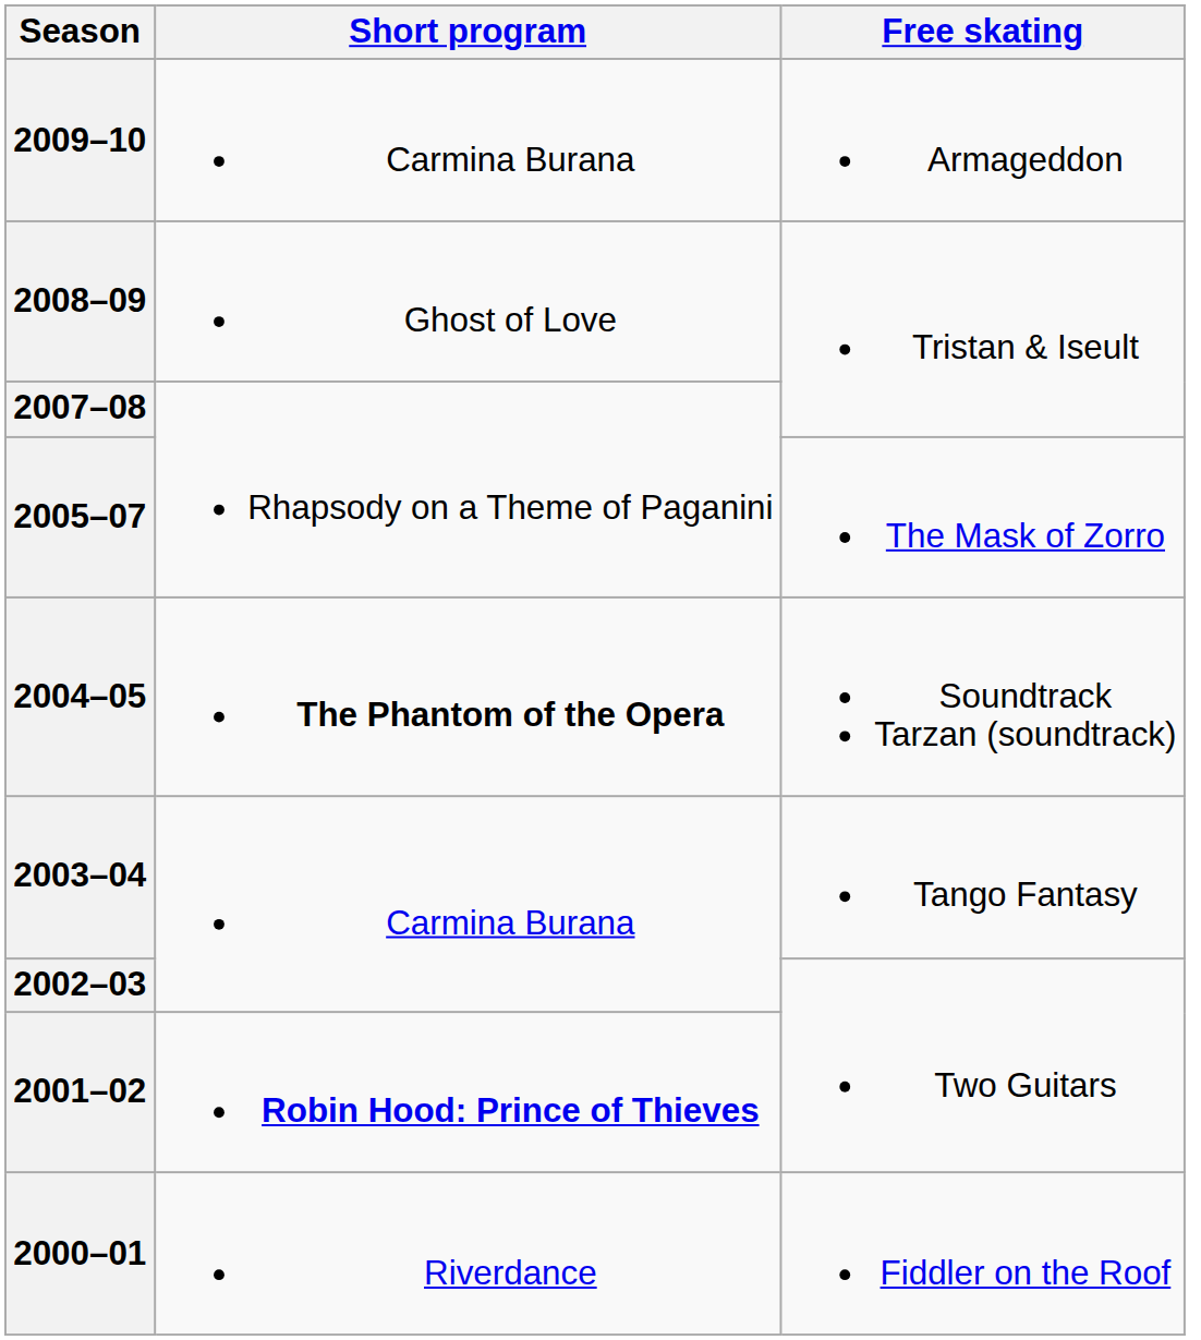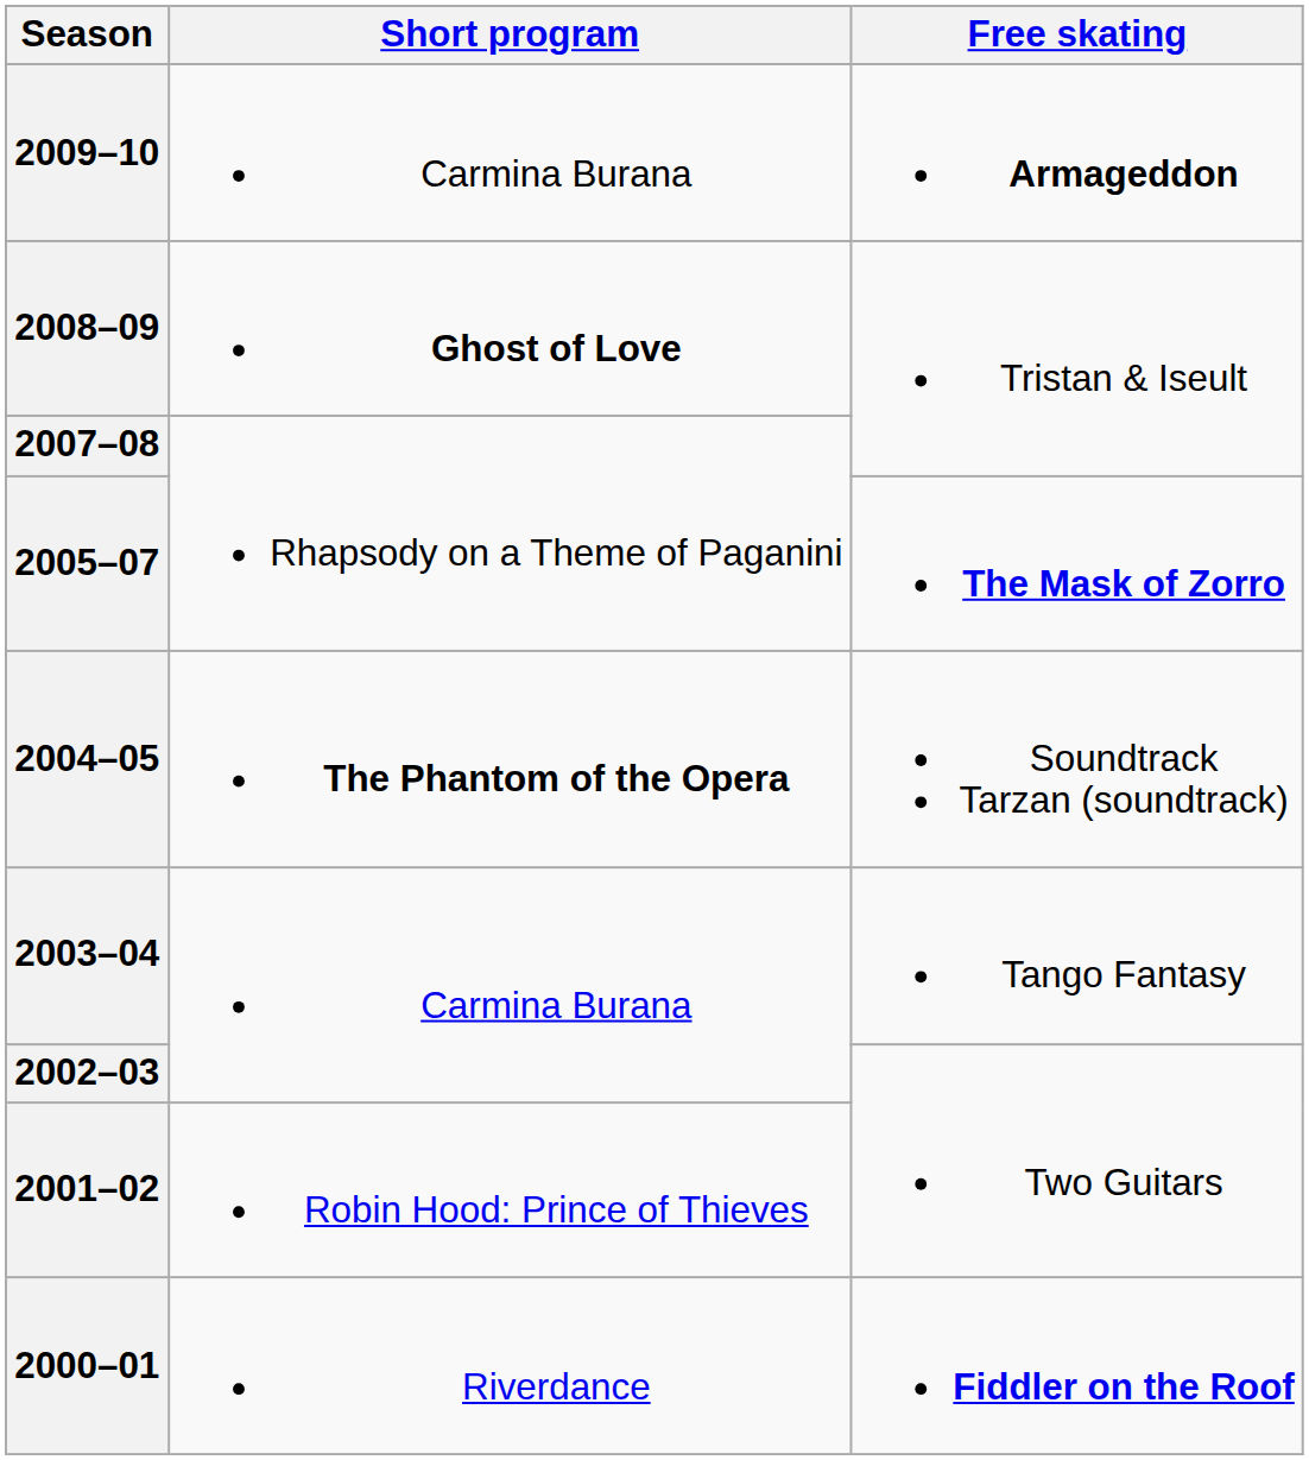 <table class=wikitable style=text-align:center>
 <tr>
 <th>Season</th>
 <th><a href='#'>Short program</a></th>
 <th><a href='#'>Free skating</a></th>
 </tr>
 <tr>
 <th>2009–10 <br> </th>
 <td><br><ul><li>Carmina Burana <br></li></ul></td>
-<td><br><ul><li>Armageddon <br></li></ul></td>
+<td><strong><br><ul><li>Armageddon <br></li></ul></strong></td>
 </tr>
 <tr>
 <th>2008–09 <br> </th>
-<td><br><ul><li>Ghost of Love <br></li></ul></td>
+<td><strong><br><ul><li>Ghost of Love <br></li></ul></strong></td>
 <td rowspan="2"><br><ul><li>Tristan & Iseult <br></li></ul></td>
 </tr>
 <tr>
 <th>2007–08 <br> </th>
 <td rowspan="2"><br><ul><li>Rhapsody on a Theme of Paganini <br></li></ul></td>
 </tr>
 <tr>
 <th>2005–07 <br> </th>
-<td><br><ul><li><a href='#'>The Mask of Zorro</a> <br></li></ul></td>
+<td><strong><br><ul><li><a href='#'>The Mask of Zorro</a> <br></li></ul></strong></td>
 </tr>
 <tr>
 <th>2004–05 <br> </th>
 <td><strong><br><ul><li>The Phantom of the Opera <br></li></ul></strong></td>
 <td><br><ul><li>Soundtrack <br></li><li>Tarzan (soundtrack)</li></ul></td>
 </tr>
 <tr>
 <th>2003–04 <br> </th>
 <td rowspan="2"><br><ul><li><a href='#'>Carmina Burana</a> <br></li></ul></td>
 <td><br><ul><li>Tango Fantasy</li></ul></td>
 </tr>
 <tr>
 <th>2002–03 <br> </th>
 <td rowspan="2"><br><ul><li>Two Guitars</li></ul></td>
 </tr>
 <tr>
 <th>2001–02 <br> </th>
-<td><strong><br><ul><li><a href='#'>Robin Hood: Prince of Thieves</a> <br></li></ul></strong></td>
+<td><br><ul><li><a href='#'>Robin Hood: Prince of Thieves</a> <br></li></ul></td>
 </tr>
 <tr>
 <th>2000–01 <br> </th>
 <td><br><ul><li><a href='#'>Riverdance</a> <br></li></ul></td>
-<td><br><ul><li><a href='#'>Fiddler on the Roof</a> <br></li></ul></td>
+<td><strong><br><ul><li><a href='#'>Fiddler on the Roof</a> <br></li></ul></strong></td>
 </tr>
 </table>
